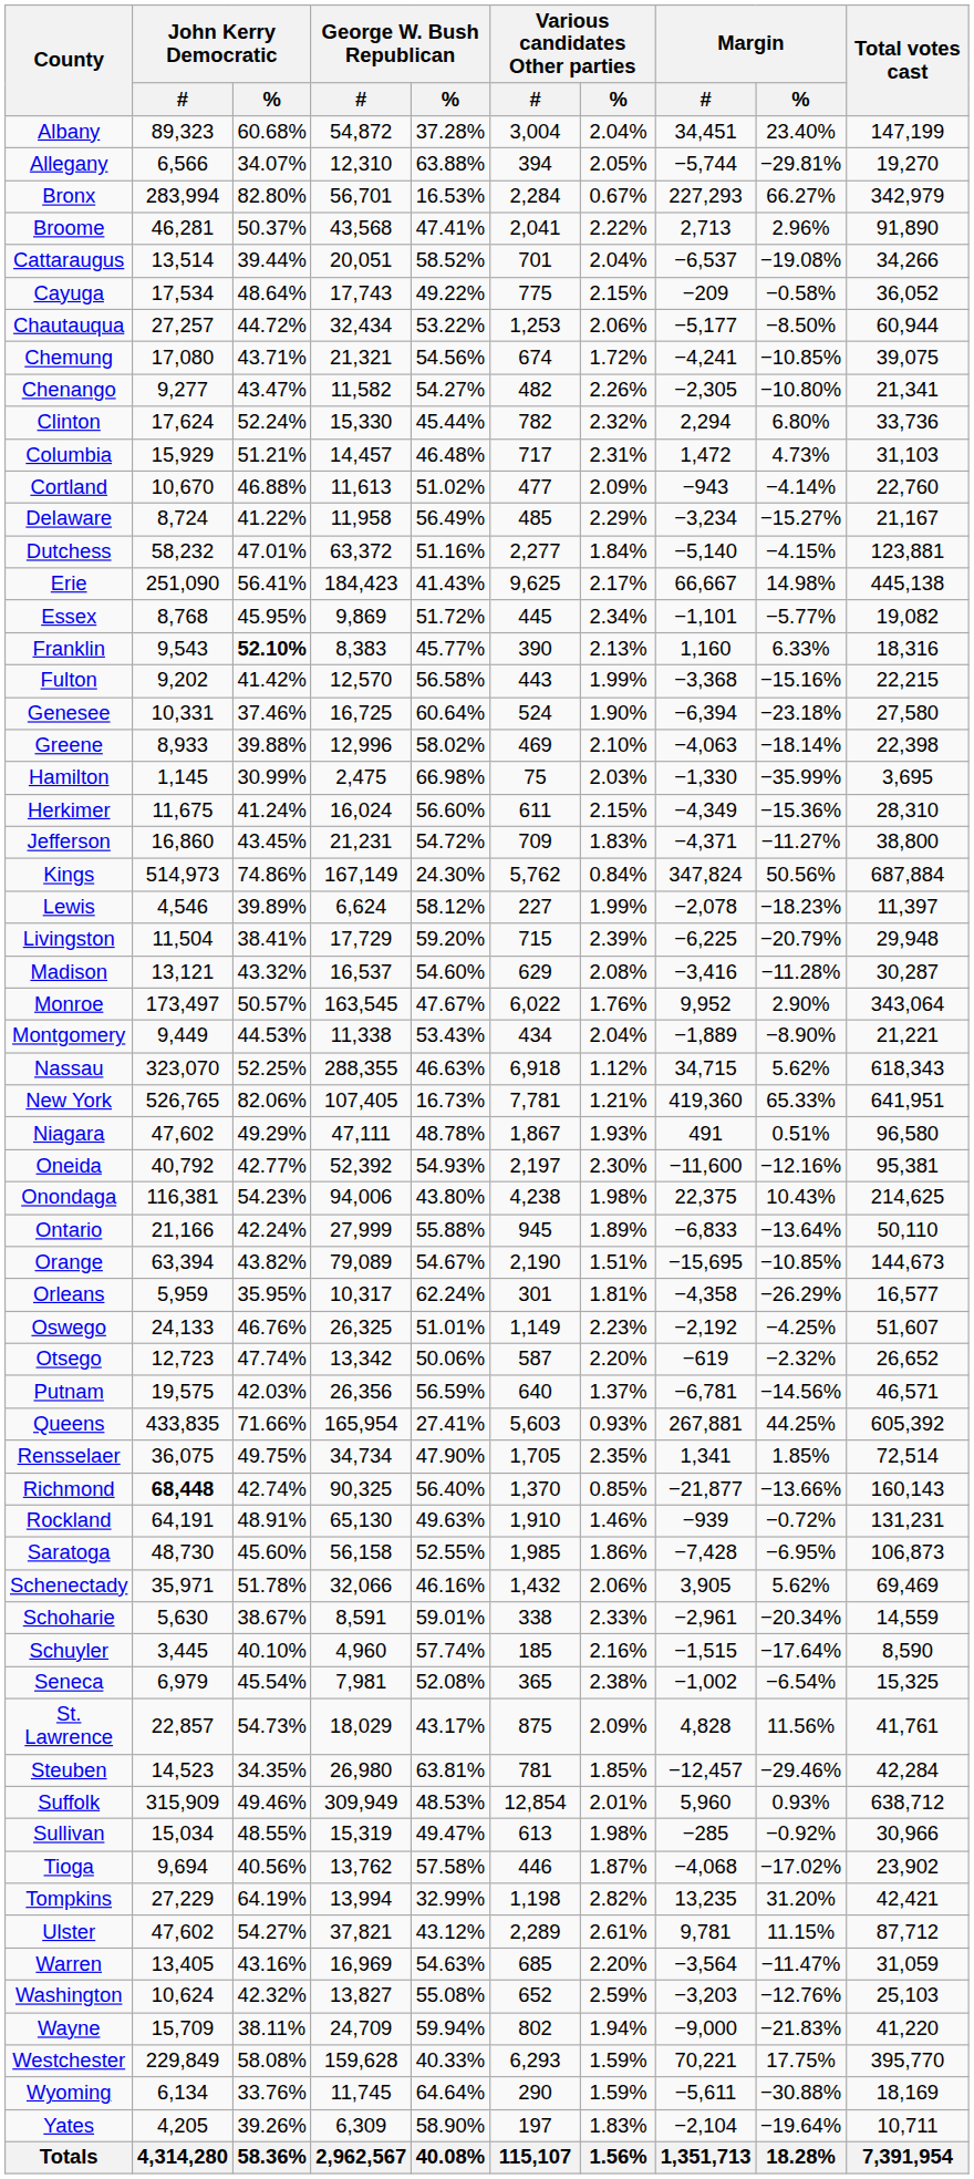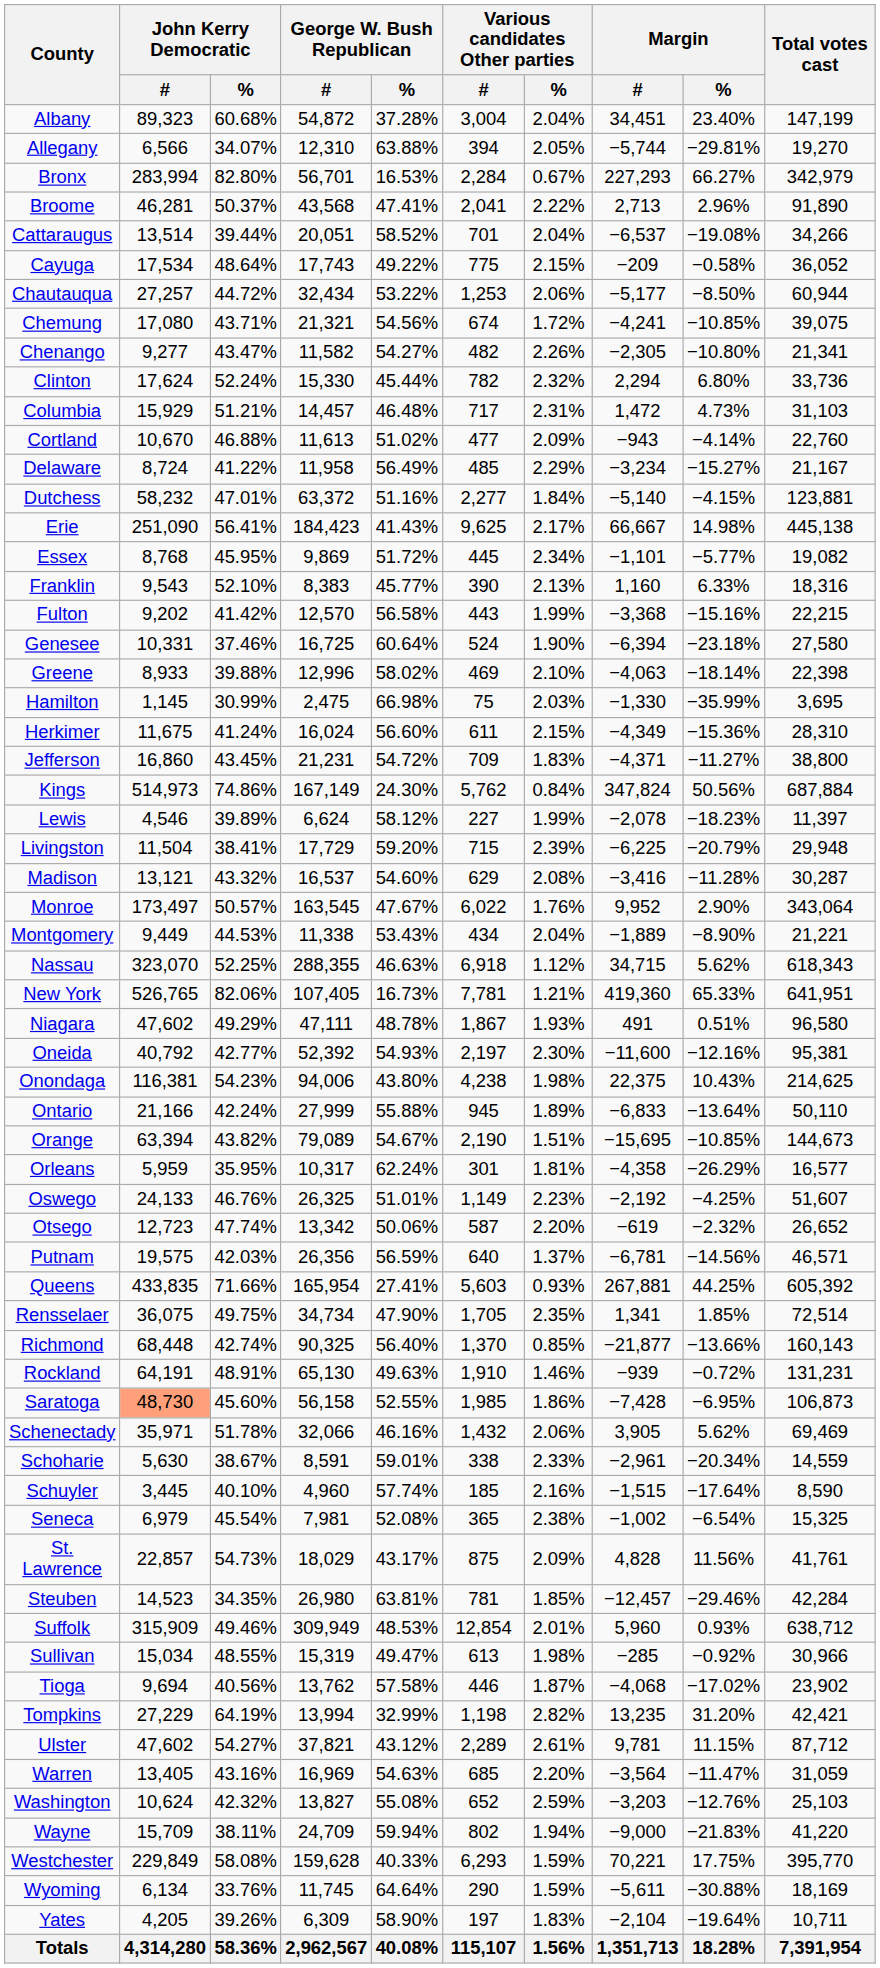 <table width="60%" class="wikitable sortable" style="text-align:center">
 <tr>
 <th style="text-align:center;" rowspan="2">County</th>
 <th style="text-align:center;" colspan="2">John Kerry<br>Democratic</th>
 <th style="text-align:center;" colspan="2">George W. Bush<br>Republican</th>
 <th style="text-align:center;" colspan="2">Various candidates<br>Other parties</th>
 <th style="text-align:center;" colspan="2">Margin</th>
 <th style="text-align:center;" rowspan="2">Total votes cast</th>
 </tr>
 <tr>
 <th style="text-align:center;" data-sort-type="number">#</th>
 <th style="text-align:center;" data-sort-type="number">%</th>
 <th style="text-align:center;" data-sort-type="number">#</th>
 <th style="text-align:center;" data-sort-type="number">%</th>
 <th style="text-align:center;" data-sort-type="number">#</th>
 <th style="text-align:center;" data-sort-type="number">%</th>
 <th style="text-align:center;" data-sort-type="number">#</th>
 <th style="text-align:center;" data-sort-type="number">%</th>
 </tr>
 <tr style="text-align:center;">
 <td><a href='#'>Albany</a></td>
 <td>89,323</td>
 <td>60.68%</td>
 <td>54,872</td>
 <td>37.28%</td>
 <td>3,004</td>
 <td>2.04%</td>
 <td>34,451</td>
 <td>23.40%</td>
 <td>147,199</td>
 </tr>
 <tr style="text-align:center;">
 <td><a href='#'>Allegany</a></td>
 <td>6,566</td>
 <td>34.07%</td>
 <td>12,310</td>
 <td>63.88%</td>
 <td>394</td>
 <td>2.05%</td>
 <td>−5,744</td>
 <td>−29.81%</td>
 <td>19,270</td>
 </tr>
 <tr style="text-align:center;">
 <td><a href='#'>Bronx</a></td>
 <td>283,994</td>
 <td>82.80%</td>
 <td>56,701</td>
 <td>16.53%</td>
 <td>2,284</td>
 <td>0.67%</td>
 <td>227,293</td>
 <td>66.27%</td>
 <td>342,979</td>
 </tr>
 <tr style="text-align:center;">
 <td><a href='#'>Broome</a></td>
 <td>46,281</td>
 <td>50.37%</td>
 <td>43,568</td>
 <td>47.41%</td>
 <td>2,041</td>
 <td>2.22%</td>
 <td>2,713</td>
 <td>2.96%</td>
 <td>91,890</td>
 </tr>
 <tr style="text-align:center;">
 <td><a href='#'>Cattaraugus</a></td>
 <td>13,514</td>
 <td>39.44%</td>
 <td>20,051</td>
 <td>58.52%</td>
 <td>701</td>
 <td>2.04%</td>
 <td>−6,537</td>
 <td>−19.08%</td>
 <td>34,266</td>
 </tr>
 <tr style="text-align:center;">
 <td><a href='#'>Cayuga</a></td>
 <td>17,534</td>
 <td>48.64%</td>
 <td>17,743</td>
 <td>49.22%</td>
 <td>775</td>
 <td>2.15%</td>
 <td>−209</td>
 <td>−0.58%</td>
 <td>36,052</td>
 </tr>
 <tr style="text-align:center;">
 <td><a href='#'>Chautauqua</a></td>
 <td>27,257</td>
 <td>44.72%</td>
 <td>32,434</td>
 <td>53.22%</td>
 <td>1,253</td>
 <td>2.06%</td>
 <td>−5,177</td>
 <td>−8.50%</td>
 <td>60,944</td>
 </tr>
 <tr style="text-align:center;">
 <td><a href='#'>Chemung</a></td>
 <td>17,080</td>
 <td>43.71%</td>
 <td>21,321</td>
 <td>54.56%</td>
 <td>674</td>
 <td>1.72%</td>
 <td>−4,241</td>
 <td>−10.85%</td>
 <td>39,075</td>
 </tr>
 <tr style="text-align:center;">
 <td><a href='#'>Chenango</a></td>
 <td>9,277</td>
 <td>43.47%</td>
 <td>11,582</td>
 <td>54.27%</td>
 <td>482</td>
 <td>2.26%</td>
 <td>−2,305</td>
 <td>−10.80%</td>
 <td>21,341</td>
 </tr>
 <tr style="text-align:center;">
 <td><a href='#'>Clinton</a></td>
 <td>17,624</td>
 <td>52.24%</td>
 <td>15,330</td>
 <td>45.44%</td>
 <td>782</td>
 <td>2.32%</td>
 <td>2,294</td>
 <td>6.80%</td>
 <td>33,736</td>
 </tr>
 <tr style="text-align:center;">
 <td><a href='#'>Columbia</a></td>
 <td>15,929</td>
 <td>51.21%</td>
 <td>14,457</td>
 <td>46.48%</td>
 <td>717</td>
 <td>2.31%</td>
 <td>1,472</td>
 <td>4.73%</td>
 <td>31,103</td>
 </tr>
 <tr style="text-align:center;">
 <td><a href='#'>Cortland</a></td>
 <td>10,670</td>
 <td>46.88%</td>
 <td>11,613</td>
 <td>51.02%</td>
 <td>477</td>
 <td>2.09%</td>
 <td>−943</td>
 <td>−4.14%</td>
 <td>22,760</td>
 </tr>
 <tr style="text-align:center;">
 <td><a href='#'>Delaware</a></td>
 <td>8,724</td>
 <td>41.22%</td>
 <td>11,958</td>
 <td>56.49%</td>
 <td>485</td>
 <td>2.29%</td>
 <td>−3,234</td>
 <td>−15.27%</td>
 <td>21,167</td>
 </tr>
 <tr style="text-align:center;">
 <td><a href='#'>Dutchess</a></td>
 <td>58,232</td>
 <td>47.01%</td>
 <td>63,372</td>
 <td>51.16%</td>
 <td>2,277</td>
 <td>1.84%</td>
 <td>−5,140</td>
 <td>−4.15%</td>
 <td>123,881</td>
 </tr>
 <tr style="text-align:center;">
 <td><a href='#'>Erie</a></td>
 <td>251,090</td>
 <td>56.41%</td>
 <td>184,423</td>
 <td>41.43%</td>
 <td>9,625</td>
 <td>2.17%</td>
 <td>66,667</td>
 <td>14.98%</td>
 <td>445,138</td>
 </tr>
 <tr style="text-align:center;">
 <td><a href='#'>Essex</a></td>
 <td>8,768</td>
 <td>45.95%</td>
 <td>9,869</td>
 <td>51.72%</td>
 <td>445</td>
 <td>2.34%</td>
 <td>−1,101</td>
 <td>−5.77%</td>
 <td>19,082</td>
 </tr>
 <tr style="text-align:center;">
 <td><a href='#'>Franklin</a></td>
 <td>9,543</td>
-<td><strong>52.10%</strong></td>
+<td>52.10%</td>
 <td>8,383</td>
 <td>45.77%</td>
 <td>390</td>
 <td>2.13%</td>
 <td>1,160</td>
 <td>6.33%</td>
 <td>18,316</td>
 </tr>
 <tr style="text-align:center;">
 <td><a href='#'>Fulton</a></td>
 <td>9,202</td>
 <td>41.42%</td>
 <td>12,570</td>
 <td>56.58%</td>
 <td>443</td>
 <td>1.99%</td>
 <td>−3,368</td>
 <td>−15.16%</td>
 <td>22,215</td>
 </tr>
 <tr style="text-align:center;">
 <td><a href='#'>Genesee</a></td>
 <td>10,331</td>
 <td>37.46%</td>
 <td>16,725</td>
 <td>60.64%</td>
 <td>524</td>
 <td>1.90%</td>
 <td>−6,394</td>
 <td>−23.18%</td>
 <td>27,580</td>
 </tr>
 <tr style="text-align:center;">
 <td><a href='#'>Greene</a></td>
 <td>8,933</td>
 <td>39.88%</td>
 <td>12,996</td>
 <td>58.02%</td>
 <td>469</td>
 <td>2.10%</td>
 <td>−4,063</td>
 <td>−18.14%</td>
 <td>22,398</td>
 </tr>
 <tr style="text-align:center;">
 <td><a href='#'>Hamilton</a></td>
 <td>1,145</td>
 <td>30.99%</td>
 <td>2,475</td>
 <td>66.98%</td>
 <td>75</td>
 <td>2.03%</td>
 <td>−1,330</td>
 <td>−35.99%</td>
 <td>3,695</td>
 </tr>
 <tr style="text-align:center;">
 <td><a href='#'>Herkimer</a></td>
 <td>11,675</td>
 <td>41.24%</td>
 <td>16,024</td>
 <td>56.60%</td>
 <td>611</td>
 <td>2.15%</td>
 <td>−4,349</td>
 <td>−15.36%</td>
 <td>28,310</td>
 </tr>
 <tr style="text-align:center;">
 <td><a href='#'>Jefferson</a></td>
 <td>16,860</td>
 <td>43.45%</td>
 <td>21,231</td>
 <td>54.72%</td>
 <td>709</td>
 <td>1.83%</td>
 <td>−4,371</td>
 <td>−11.27%</td>
 <td>38,800</td>
 </tr>
 <tr style="text-align:center;">
 <td><a href='#'>Kings</a></td>
 <td>514,973</td>
 <td>74.86%</td>
 <td>167,149</td>
 <td>24.30%</td>
 <td>5,762</td>
 <td>0.84%</td>
 <td>347,824</td>
 <td>50.56%</td>
 <td>687,884</td>
 </tr>
 <tr style="text-align:center;">
 <td><a href='#'>Lewis</a></td>
 <td>4,546</td>
 <td>39.89%</td>
 <td>6,624</td>
 <td>58.12%</td>
 <td>227</td>
 <td>1.99%</td>
 <td>−2,078</td>
 <td>−18.23%</td>
 <td>11,397</td>
 </tr>
 <tr style="text-align:center;">
 <td><a href='#'>Livingston</a></td>
 <td>11,504</td>
 <td>38.41%</td>
 <td>17,729</td>
 <td>59.20%</td>
 <td>715</td>
 <td>2.39%</td>
 <td>−6,225</td>
 <td>−20.79%</td>
 <td>29,948</td>
 </tr>
 <tr style="text-align:center;">
 <td><a href='#'>Madison</a></td>
 <td>13,121</td>
 <td>43.32%</td>
 <td>16,537</td>
 <td>54.60%</td>
 <td>629</td>
 <td>2.08%</td>
 <td>−3,416</td>
 <td>−11.28%</td>
 <td>30,287</td>
 </tr>
 <tr style="text-align:center;">
 <td><a href='#'>Monroe</a></td>
 <td>173,497</td>
 <td>50.57%</td>
 <td>163,545</td>
 <td>47.67%</td>
 <td>6,022</td>
 <td>1.76%</td>
 <td>9,952</td>
 <td>2.90%</td>
 <td>343,064</td>
 </tr>
 <tr style="text-align:center;">
 <td><a href='#'>Montgomery</a></td>
 <td>9,449</td>
 <td>44.53%</td>
 <td>11,338</td>
 <td>53.43%</td>
 <td>434</td>
 <td>2.04%</td>
 <td>−1,889</td>
 <td>−8.90%</td>
 <td>21,221</td>
 </tr>
 <tr style="text-align:center;">
 <td><a href='#'>Nassau</a></td>
 <td>323,070</td>
 <td>52.25%</td>
 <td>288,355</td>
 <td>46.63%</td>
 <td>6,918</td>
 <td>1.12%</td>
 <td>34,715</td>
 <td>5.62%</td>
 <td>618,343</td>
 </tr>
 <tr style="text-align:center;">
 <td><a href='#'>New York</a></td>
 <td>526,765</td>
 <td>82.06%</td>
 <td>107,405</td>
 <td>16.73%</td>
 <td>7,781</td>
 <td>1.21%</td>
 <td>419,360</td>
 <td>65.33%</td>
 <td>641,951</td>
 </tr>
 <tr style="text-align:center;">
 <td><a href='#'>Niagara</a></td>
 <td>47,602</td>
 <td>49.29%</td>
 <td>47,111</td>
 <td>48.78%</td>
 <td>1,867</td>
 <td>1.93%</td>
 <td>491</td>
 <td>0.51%</td>
 <td>96,580</td>
 </tr>
 <tr style="text-align:center;">
 <td><a href='#'>Oneida</a></td>
 <td>40,792</td>
 <td>42.77%</td>
 <td>52,392</td>
 <td>54.93%</td>
 <td>2,197</td>
 <td>2.30%</td>
 <td>−11,600</td>
 <td>−12.16%</td>
 <td>95,381</td>
 </tr>
 <tr style="text-align:center;">
 <td><a href='#'>Onondaga</a></td>
 <td>116,381</td>
 <td>54.23%</td>
 <td>94,006</td>
 <td>43.80%</td>
 <td>4,238</td>
 <td>1.98%</td>
 <td>22,375</td>
 <td>10.43%</td>
 <td>214,625</td>
 </tr>
 <tr style="text-align:center;">
 <td><a href='#'>Ontario</a></td>
 <td>21,166</td>
 <td>42.24%</td>
 <td>27,999</td>
 <td>55.88%</td>
 <td>945</td>
 <td>1.89%</td>
 <td>−6,833</td>
 <td>−13.64%</td>
 <td>50,110</td>
 </tr>
 <tr style="text-align:center;">
 <td><a href='#'>Orange</a></td>
 <td>63,394</td>
 <td>43.82%</td>
 <td>79,089</td>
 <td>54.67%</td>
 <td>2,190</td>
 <td>1.51%</td>
 <td>−15,695</td>
 <td>−10.85%</td>
 <td>144,673</td>
 </tr>
 <tr style="text-align:center;">
 <td><a href='#'>Orleans</a></td>
 <td>5,959</td>
 <td>35.95%</td>
 <td>10,317</td>
 <td>62.24%</td>
 <td>301</td>
 <td>1.81%</td>
 <td>−4,358</td>
 <td>−26.29%</td>
 <td>16,577</td>
 </tr>
 <tr style="text-align:center;">
 <td><a href='#'>Oswego</a></td>
 <td>24,133</td>
 <td>46.76%</td>
 <td>26,325</td>
 <td>51.01%</td>
 <td>1,149</td>
 <td>2.23%</td>
 <td>−2,192</td>
 <td>−4.25%</td>
 <td>51,607</td>
 </tr>
 <tr style="text-align:center;">
 <td><a href='#'>Otsego</a></td>
 <td>12,723</td>
 <td>47.74%</td>
 <td>13,342</td>
 <td>50.06%</td>
 <td>587</td>
 <td>2.20%</td>
 <td>−619</td>
 <td>−2.32%</td>
 <td>26,652</td>
 </tr>
 <tr style="text-align:center;">
 <td><a href='#'>Putnam</a></td>
 <td>19,575</td>
 <td>42.03%</td>
 <td>26,356</td>
 <td>56.59%</td>
 <td>640</td>
 <td>1.37%</td>
 <td>−6,781</td>
 <td>−14.56%</td>
 <td>46,571</td>
 </tr>
 <tr style="text-align:center;">
 <td><a href='#'>Queens</a></td>
 <td>433,835</td>
 <td>71.66%</td>
 <td>165,954</td>
 <td>27.41%</td>
 <td>5,603</td>
 <td>0.93%</td>
 <td>267,881</td>
 <td>44.25%</td>
 <td>605,392</td>
 </tr>
 <tr style="text-align:center;">
 <td><a href='#'>Rensselaer</a></td>
 <td>36,075</td>
 <td>49.75%</td>
 <td>34,734</td>
 <td>47.90%</td>
 <td>1,705</td>
 <td>2.35%</td>
 <td>1,341</td>
 <td>1.85%</td>
 <td>72,514</td>
 </tr>
 <tr style="text-align:center;">
 <td><a href='#'>Richmond</a></td>
-<td><strong>68,448</strong></td>
+<td>68,448</td>
 <td>42.74%</td>
 <td>90,325</td>
 <td>56.40%</td>
 <td>1,370</td>
 <td>0.85%</td>
 <td>−21,877</td>
 <td>−13.66%</td>
 <td>160,143</td>
 </tr>
 <tr style="text-align:center;">
 <td><a href='#'>Rockland</a></td>
 <td>64,191</td>
 <td>48.91%</td>
 <td>65,130</td>
 <td>49.63%</td>
 <td>1,910</td>
 <td>1.46%</td>
 <td>−939</td>
 <td>−0.72%</td>
 <td>131,231</td>
 </tr>
 <tr style="text-align:center;">
 <td><a href='#'>Saratoga</a></td>
-<td>48,730</td>
+<td style="background: lightsalmon;">48,730</td>
 <td>45.60%</td>
 <td>56,158</td>
 <td>52.55%</td>
 <td>1,985</td>
 <td>1.86%</td>
 <td>−7,428</td>
 <td>−6.95%</td>
 <td>106,873</td>
 </tr>
 <tr style="text-align:center;">
 <td><a href='#'>Schenectady</a></td>
 <td>35,971</td>
 <td>51.78%</td>
 <td>32,066</td>
 <td>46.16%</td>
 <td>1,432</td>
 <td>2.06%</td>
 <td>3,905</td>
 <td>5.62%</td>
 <td>69,469</td>
 </tr>
 <tr style="text-align:center;">
 <td><a href='#'>Schoharie</a></td>
 <td>5,630</td>
 <td>38.67%</td>
 <td>8,591</td>
 <td>59.01%</td>
 <td>338</td>
 <td>2.33%</td>
 <td>−2,961</td>
 <td>−20.34%</td>
 <td>14,559</td>
 </tr>
 <tr style="text-align:center;">
 <td><a href='#'>Schuyler</a></td>
 <td>3,445</td>
 <td>40.10%</td>
 <td>4,960</td>
 <td>57.74%</td>
 <td>185</td>
 <td>2.16%</td>
 <td>−1,515</td>
 <td>−17.64%</td>
 <td>8,590</td>
 </tr>
 <tr style="text-align:center;">
 <td><a href='#'>Seneca</a></td>
 <td>6,979</td>
 <td>45.54%</td>
 <td>7,981</td>
 <td>52.08%</td>
 <td>365</td>
 <td>2.38%</td>
 <td>−1,002</td>
 <td>−6.54%</td>
 <td>15,325</td>
 </tr>
 <tr style="text-align:center;">
 <td><a href='#'>St. Lawrence</a></td>
 <td>22,857</td>
 <td>54.73%</td>
 <td>18,029</td>
 <td>43.17%</td>
 <td>875</td>
 <td>2.09%</td>
 <td>4,828</td>
 <td>11.56%</td>
 <td>41,761</td>
 </tr>
 <tr style="text-align:center;">
 <td><a href='#'>Steuben</a></td>
 <td>14,523</td>
 <td>34.35%</td>
 <td>26,980</td>
 <td>63.81%</td>
 <td>781</td>
 <td>1.85%</td>
 <td>−12,457</td>
 <td>−29.46%</td>
 <td>42,284</td>
 </tr>
 <tr style="text-align:center;">
 <td><a href='#'>Suffolk</a></td>
 <td>315,909</td>
 <td>49.46%</td>
 <td>309,949</td>
 <td>48.53%</td>
 <td>12,854</td>
 <td>2.01%</td>
 <td>5,960</td>
 <td>0.93%</td>
 <td>638,712</td>
 </tr>
 <tr style="text-align:center;">
 <td><a href='#'>Sullivan</a></td>
 <td>15,034</td>
 <td>48.55%</td>
 <td>15,319</td>
 <td>49.47%</td>
 <td>613</td>
 <td>1.98%</td>
 <td>−285</td>
 <td>−0.92%</td>
 <td>30,966</td>
 </tr>
 <tr style="text-align:center;">
 <td><a href='#'>Tioga</a></td>
 <td>9,694</td>
 <td>40.56%</td>
 <td>13,762</td>
 <td>57.58%</td>
 <td>446</td>
 <td>1.87%</td>
 <td>−4,068</td>
 <td>−17.02%</td>
 <td>23,902</td>
 </tr>
 <tr style="text-align:center;">
 <td><a href='#'>Tompkins</a></td>
 <td>27,229</td>
 <td>64.19%</td>
 <td>13,994</td>
 <td>32.99%</td>
 <td>1,198</td>
 <td>2.82%</td>
 <td>13,235</td>
 <td>31.20%</td>
 <td>42,421</td>
 </tr>
 <tr style="text-align:center;">
 <td><a href='#'>Ulster</a></td>
 <td>47,602</td>
 <td>54.27%</td>
 <td>37,821</td>
 <td>43.12%</td>
 <td>2,289</td>
 <td>2.61%</td>
 <td>9,781</td>
 <td>11.15%</td>
 <td>87,712</td>
 </tr>
 <tr style="text-align:center;">
 <td><a href='#'>Warren</a></td>
 <td>13,405</td>
 <td>43.16%</td>
 <td>16,969</td>
 <td>54.63%</td>
 <td>685</td>
 <td>2.20%</td>
 <td>−3,564</td>
 <td>−11.47%</td>
 <td>31,059</td>
 </tr>
 <tr style="text-align:center;">
 <td><a href='#'>Washington</a></td>
 <td>10,624</td>
 <td>42.32%</td>
 <td>13,827</td>
 <td>55.08%</td>
 <td>652</td>
 <td>2.59%</td>
 <td>−3,203</td>
 <td>−12.76%</td>
 <td>25,103</td>
 </tr>
 <tr style="text-align:center;">
 <td><a href='#'>Wayne</a></td>
 <td>15,709</td>
 <td>38.11%</td>
 <td>24,709</td>
 <td>59.94%</td>
 <td>802</td>
 <td>1.94%</td>
 <td>−9,000</td>
 <td>−21.83%</td>
 <td>41,220</td>
 </tr>
 <tr style="text-align:center;">
 <td><a href='#'>Westchester</a></td>
 <td>229,849</td>
 <td>58.08%</td>
 <td>159,628</td>
 <td>40.33%</td>
 <td>6,293</td>
 <td>1.59%</td>
 <td>70,221</td>
 <td>17.75%</td>
 <td>395,770</td>
 </tr>
 <tr style="text-align:center;">
 <td><a href='#'>Wyoming</a></td>
 <td>6,134</td>
 <td>33.76%</td>
 <td>11,745</td>
 <td>64.64%</td>
 <td>290</td>
 <td>1.59%</td>
 <td>−5,611</td>
 <td>−30.88%</td>
 <td>18,169</td>
 </tr>
 <tr style="text-align:center;">
 <td><a href='#'>Yates</a></td>
 <td>4,205</td>
 <td>39.26%</td>
 <td>6,309</td>
 <td>58.90%</td>
 <td>197</td>
 <td>1.83%</td>
 <td>−2,104</td>
 <td>−19.64%</td>
 <td>10,711</td>
 </tr>
 <tr>
 <th>Totals</th>
 <th>4,314,280</th>
 <th>58.36%</th>
 <th>2,962,567</th>
 <th>40.08%</th>
 <th>115,107</th>
 <th>1.56%</th>
 <th>1,351,713</th>
 <th>18.28%</th>
 <th>7,391,954</th>
 </tr>
 </table>
